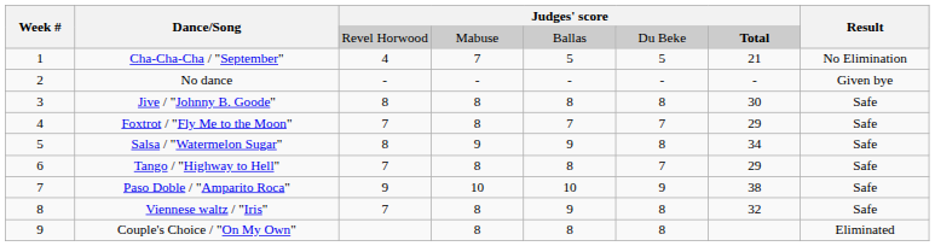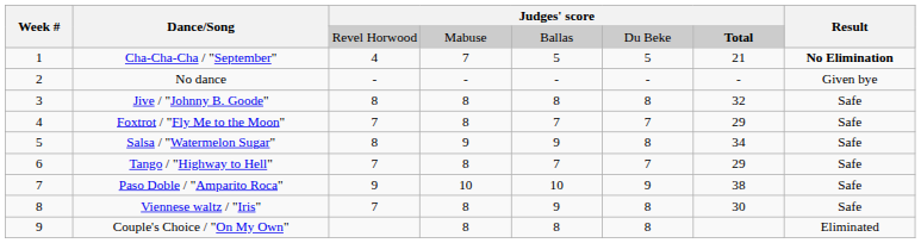 <table class="wikitable collapsible collapsed">
 <tr style="text-align:center; background:#ccc;">
 <th rowspan="2">Week #</th>
 <th rowspan="2">Dance/Song</th>
 <th colspan="5">Judges' score</th>
 <th rowspan="2">Result</th>
 </tr>
 <tr style="text-align:center; background:#ccc;">
 <td style="width:10%; ">Revel Horwood</td>
 <td style="width:10%; ">Mabuse</td>
 <td style="width:10%; ">Ballas</td>
 <td style="width:10%; ">Du Beke</td>
 <td style="width:10%; "><strong>Total</strong></td>
 </tr>
 <tr style="text-align:center;">
 <td>1</td>
 <td><a href='#'>Cha-Cha-Cha</a> / "<a href='#'>September</a>"</td>
 <td>4</td>
 <td>7</td>
 <td>5</td>
 <td>5</td>
 <td>21</td>
-<td>No Elimination</td>
+<td><strong>No Elimination</strong></td>
 </tr>
 <tr style="text-align:center;">
 <td>2</td>
 <td>No dance</td>
 <td>-</td>
 <td>-</td>
 <td>-</td>
 <td>-</td>
 <td>-</td>
 <td>Given bye</td>
 </tr>
 <tr style="text-align:center;">
 <td>3</td>
 <td><a href='#'>Jive</a> / "<a href='#'>Johnny B. Goode</a>"</td>
 <td>8</td>
 <td>8</td>
 <td>8</td>
 <td>8</td>
-<td>30</td>
+<td>32</td>
 <td>Safe</td>
 </tr>
 <tr style="text-align:center;">
 <td>4</td>
 <td><a href='#'>Foxtrot</a> / "<a href='#'>Fly Me to the Moon</a>"</td>
 <td>7</td>
 <td>8</td>
 <td>7</td>
 <td>7</td>
 <td>29</td>
 <td>Safe</td>
 </tr>
 <tr style="text-align:center;">
 <td>5</td>
 <td><a href='#'>Salsa</a> / "<a href='#'>Watermelon Sugar</a>"</td>
 <td>8</td>
 <td>9</td>
 <td>9</td>
 <td>8</td>
 <td>34</td>
 <td>Safe</td>
 </tr>
 <tr style="text-align:center;">
 <td>6</td>
 <td><a href='#'>Tango</a> / "<a href='#'>Highway to Hell</a>"</td>
 <td>7</td>
 <td>8</td>
-<td>8</td>
+<td>7</td>
 <td>7</td>
 <td>29</td>
 <td>Safe</td>
 </tr>
 <tr style="text-align:center;">
 <td>7</td>
 <td><a href='#'>Paso Doble</a> / "<a href='#'>Amparito Roca</a>"</td>
 <td>9</td>
 <td>10</td>
 <td>10</td>
 <td>9</td>
 <td>38</td>
 <td>Safe</td>
 </tr>
 <tr style="text-align:center;">
 <td>8</td>
 <td><a href='#'>Viennese waltz</a> / "<a href='#'>Iris</a>"</td>
 <td>7</td>
 <td>8</td>
 <td>9</td>
 <td>8</td>
-<td>32</td>
+<td>30</td>
 <td>Safe</td>
 </tr>
 <tr style="text-align:center;">
 <td>9</td>
 <td>Couple's Choice / "<a href='#'>On My Own</a>"</td>
 <td></td>
 <td>8</td>
 <td>8</td>
 <td>8</td>
 <td></td>
 <td>Eliminated</td>
 </tr>
 </table>
